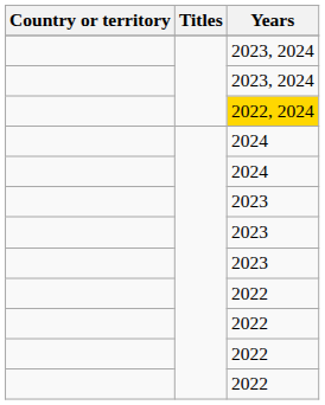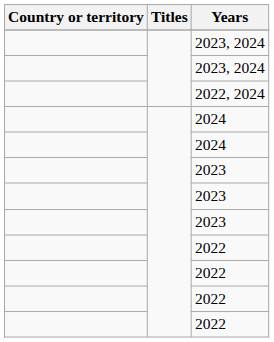 <table class="wikitable sortable" style="font-size:95%;">
 <tr>
 <th>Country or territory</th>
 <th>Titles</th>
 <th>Years</th>
 </tr>
 <tr>
 </tr>
 <tr>
 <td></td>
 <td rowspan="3"></td>
 <td>2023, 2024</td>
 </tr>
 <tr>
 <td></td>
 <td>2023, 2024</td>
 </tr>
 <tr>
 <td></td>
-<td style="background: gold;">2022, 2024</td>
+<td>2022, 2024</td>
 </tr>
 <tr>
 <td></td>
 <td rowspan="9"></td>
 <td>2024</td>
 </tr>
 <tr>
 <td></td>
 <td>2024</td>
 </tr>
 <tr>
 <td></td>
 <td>2023</td>
 </tr>
 <tr>
 <td></td>
 <td>2023</td>
 </tr>
 <tr>
 <td></td>
 <td>2023</td>
 </tr>
 <tr>
 <td></td>
 <td>2022</td>
 </tr>
 <tr>
 <td></td>
 <td>2022</td>
 </tr>
 <tr>
 <td></td>
 <td>2022</td>
 </tr>
 <tr>
 <td></td>
 <td>2022</td>
 </tr>
 </table>
